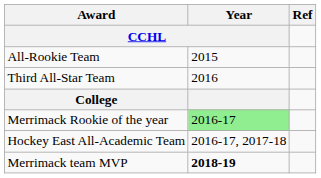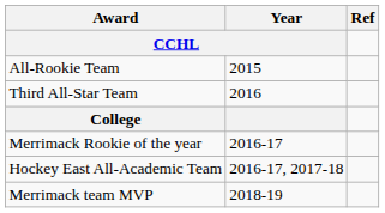 <table class="wikitable">
 <tr>
 <th>Award</th>
 <th>Year</th>
 <th>Ref</th>
 </tr>
 <tr>
 <th colspan="2"><a href='#'>CCHL</a></th>
 </tr>
 <tr>
 <td>All-Rookie Team</td>
 <td>2015</td>
 <td></td>
 </tr>
 <tr>
 <td>Third All-Star Team</td>
 <td>2016</td>
 <td></td>
 </tr>
 <tr>
 <th>College</th>
 <th></th>
 <td></td>
 </tr>
 <tr>
 <td>Merrimack Rookie of the year</td>
-<td style="background: lightgreen;">2016-17</td>
+<td>2016-17</td>
 <td></td>
 </tr>
 <tr>
 <td>Hockey East All-Academic Team</td>
 <td>2016-17, 2017-18</td>
 <td></td>
 </tr>
 <tr>
 <td>Merrimack team MVP</td>
-<td><strong>2018-19</strong></td>
+<td>2018-19</td>
 <td></td>
 </tr>
 </table>
